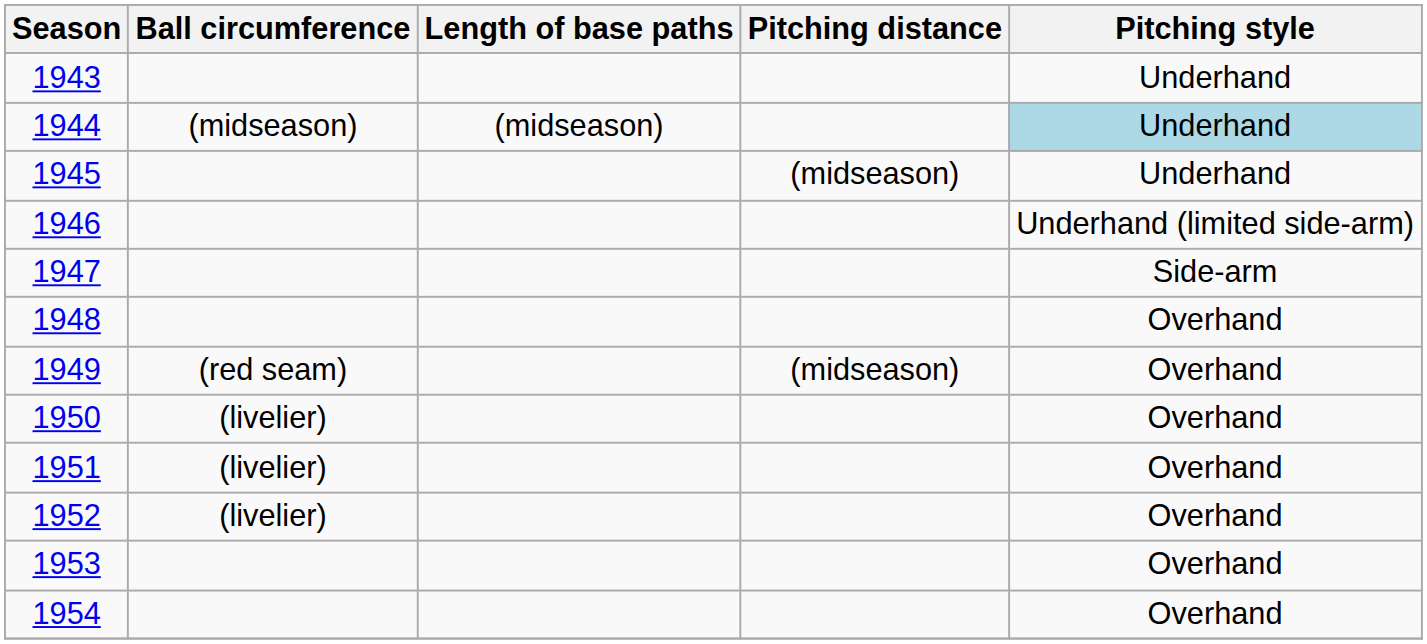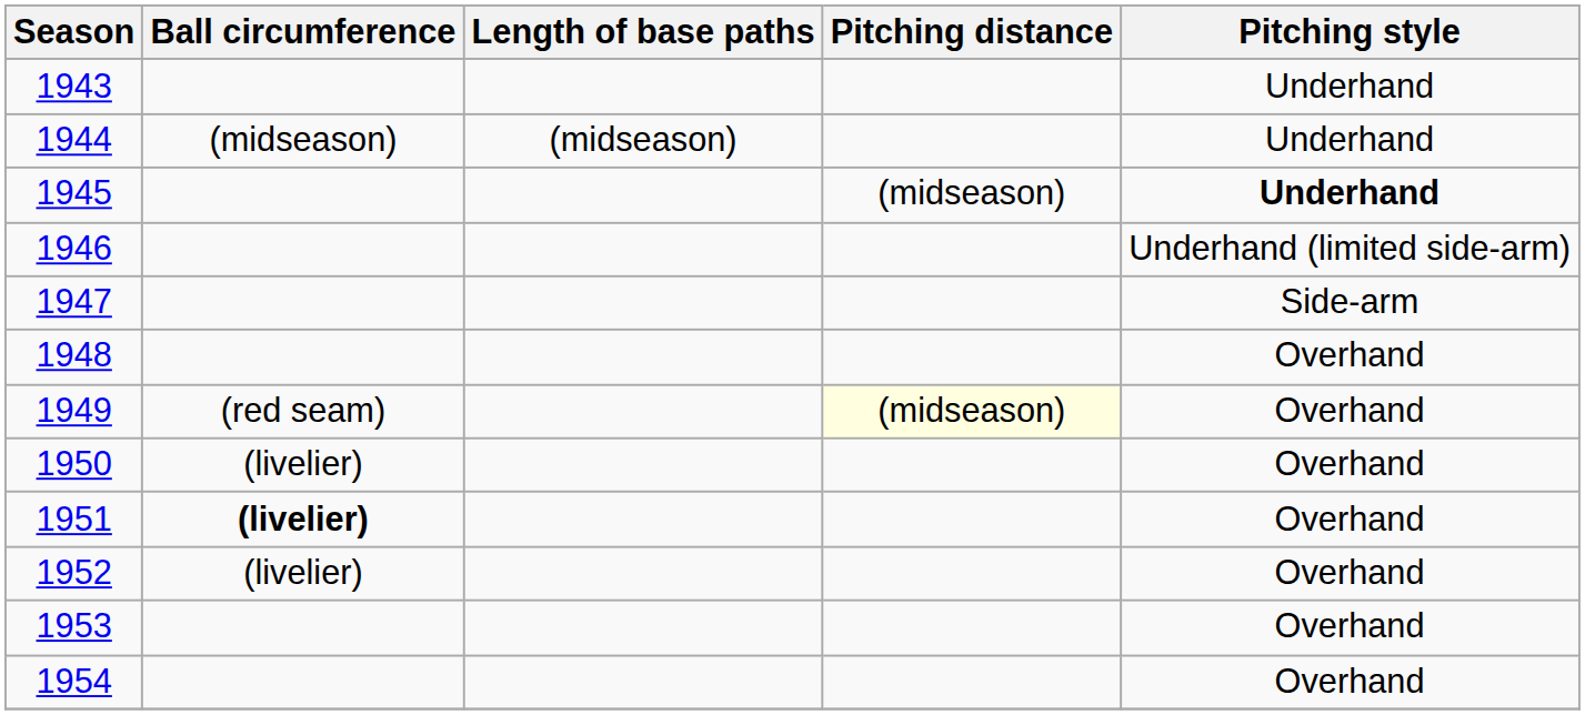 <table class="wikitable">
 <tr align=center style="background: #F2F2F2;">
 <th>Season</th>
 <th>Ball circumference</th>
 <th>Length of base paths</th>
 <th>Pitching distance</th>
 <th>Pitching style</th>
 </tr>
 <tr align=center>
 <td><a href='#'>1943</a></td>
 <td></td>
 <td></td>
 <td></td>
 <td>Underhand</td>
 </tr>
 <tr align=center>
 <td><a href='#'>1944</a></td>
 <td> (midseason)</td>
 <td> (midseason)</td>
 <td></td>
-<td style="background: lightblue;">Underhand</td>
+<td>Underhand</td>
 </tr>
 <tr align=center>
 <td><a href='#'>1945</a></td>
 <td></td>
 <td></td>
 <td> (midseason)</td>
-<td>Underhand</td>
+<td><strong>Underhand</strong></td>
 </tr>
 <tr align=center>
 <td><a href='#'>1946</a></td>
 <td></td>
 <td></td>
 <td></td>
 <td>Underhand (limited side-arm)</td>
 </tr>
 <tr align=center>
 <td><a href='#'>1947</a></td>
 <td></td>
 <td></td>
 <td></td>
 <td>Side-arm</td>
 </tr>
 <tr align=center>
 <td><a href='#'>1948</a></td>
 <td></td>
 <td></td>
 <td></td>
 <td>Overhand</td>
 </tr>
 <tr align=center>
 <td><a href='#'>1949</a></td>
 <td> (red seam)</td>
 <td></td>
-<td> (midseason)</td>
+<td style="background: lightyellow;"> (midseason)</td>
 <td>Overhand</td>
 </tr>
 <tr align=center>
 <td><a href='#'>1950</a></td>
 <td> (livelier)</td>
 <td></td>
 <td></td>
 <td>Overhand</td>
 </tr>
 <tr align=center>
 <td><a href='#'>1951</a></td>
-<td> (livelier)</td>
+<td><strong> (livelier)</strong></td>
 <td></td>
 <td></td>
 <td>Overhand</td>
 </tr>
 <tr align=center>
 <td><a href='#'>1952</a></td>
 <td> (livelier)</td>
 <td></td>
 <td></td>
 <td>Overhand</td>
 </tr>
 <tr align=center>
 <td><a href='#'>1953</a></td>
 <td></td>
 <td></td>
 <td></td>
 <td>Overhand</td>
 </tr>
 <tr align=center>
 <td><a href='#'>1954</a></td>
 <td></td>
 <td></td>
 <td></td>
 <td>Overhand</td>
 </tr>
 <tr align=center>
 </tr>
 </table>
